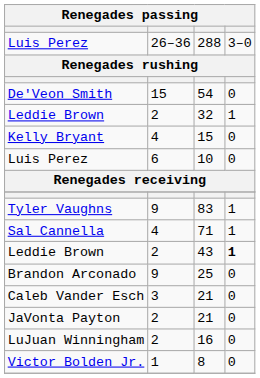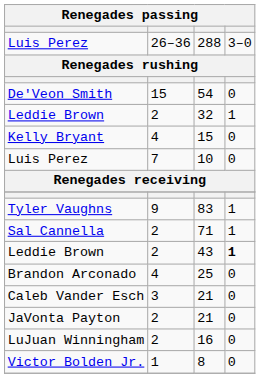 <table class="wikitable plainrowheaders">
 <tr>
 <th colspan="6">Renegades passing</th>
 </tr>
 <tr>
 <th scope="col"></th>
 <th scope="col"></th>
 <th scope="col"></th>
 <th scope="col"></th>
 </tr>
 <tr>
 <td><a href='#'>Luis Perez</a></td>
 <td>26–36</td>
 <td>288</td>
 <td>3–0</td>
 </tr>
 <tr>
 <th colspan="6">Renegades rushing</th>
 </tr>
 <tr>
 <th scope="col"></th>
 <th scope="col"></th>
 <th scope="col"></th>
 <th scope="col"></th>
 </tr>
 <tr>
 <td><a href='#'>De'Veon Smith</a></td>
 <td>15</td>
 <td>54</td>
 <td>0</td>
 </tr>
 <tr>
 <td><a href='#'>Leddie Brown</a></td>
 <td>2</td>
 <td>32</td>
 <td>1</td>
 </tr>
 <tr>
 <td><a href='#'>Kelly Bryant</a></td>
 <td>4</td>
 <td>15</td>
 <td>0</td>
 </tr>
 <tr>
 <td>Luis Perez</td>
-<td>6</td>
+<td>7</td>
 <td>10</td>
 <td>0</td>
 </tr>
 <tr>
 <th colspan="6">Renegades receiving</th>
 </tr>
 <tr>
 </tr>
 <tr>
 <th scope="col"></th>
 <th scope="col"></th>
 <th scope="col"></th>
 <th scope="col"></th>
 </tr>
 <tr>
 <td><a href='#'>Tyler Vaughns</a></td>
 <td>9</td>
 <td>83</td>
 <td>1</td>
 </tr>
 <tr>
 <td><a href='#'>Sal Cannella</a></td>
-<td>4</td>
+<td>2</td>
 <td>71</td>
 <td>1</td>
 </tr>
 <tr>
 <td>Leddie Brown</td>
 <td>2</td>
 <td>43</td>
 <td><strong>1</strong></td>
 </tr>
 <tr>
 <td>Brandon Arconado</td>
-<td>9</td>
+<td>4</td>
 <td>25</td>
 <td>0</td>
 </tr>
 <tr>
 <td>Caleb Vander Esch</td>
 <td>3</td>
 <td>21</td>
 <td>0</td>
 </tr>
 <tr>
 <td>JaVonta Payton</td>
 <td>2</td>
 <td>21</td>
 <td>0</td>
 </tr>
 <tr>
 <td>LuJuan Winningham</td>
 <td>2</td>
 <td>16</td>
 <td>0</td>
 </tr>
 <tr>
 <td><a href='#'>Victor Bolden Jr.</a></td>
 <td>1</td>
 <td>8</td>
 <td>0</td>
 </tr>
 <tr>
 </tr>
 </table>
